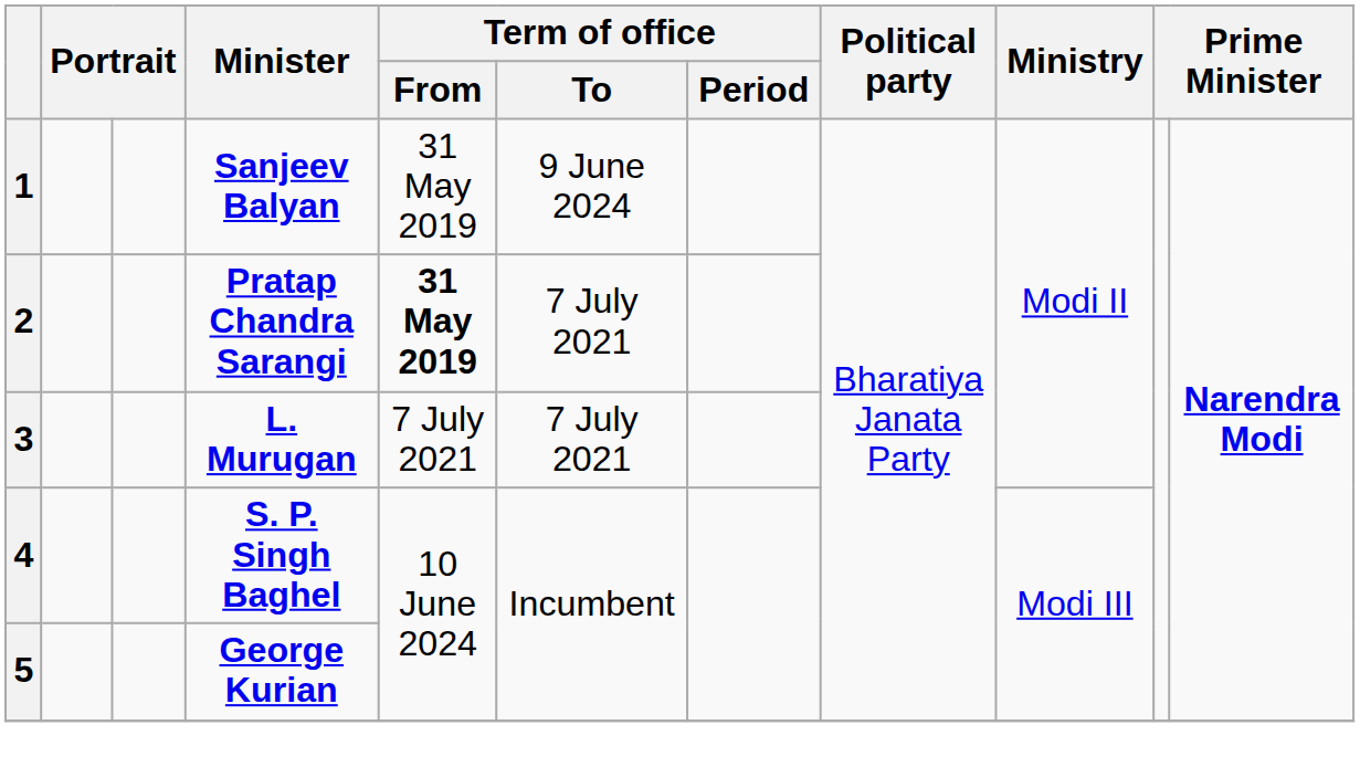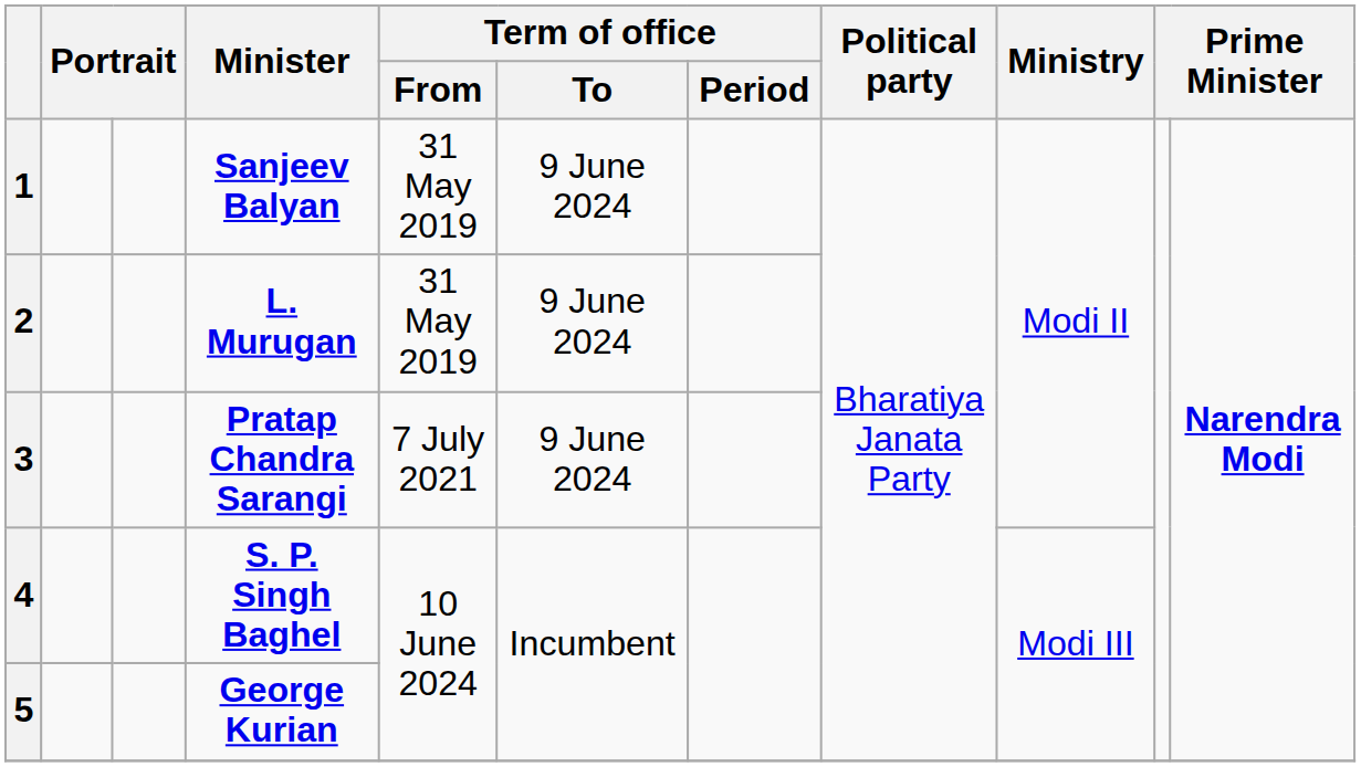 <table class="wikitable" style="text-align:center">
 <tr>
 <th rowspan="2"></th>
 <th rowspan="2" colspan="2">Portrait</th>
 <th rowspan="2" style="width:16em">Minister<br></th>
 <th colspan="3">Term of office</th>
 <th rowspan="2" style="width:8em">Political party</th>
 <th rowspan="2" style="width:6em">Ministry</th>
 <th rowspan="2" colspan="2">Prime Minister</th>
 </tr>
 <tr>
 <th style="width:8em">From</th>
 <th style="width:8em">To</th>
 <th style="width:6em">Period</th>
 </tr>
 <tr>
 <th>1</th>
 <td></td>
 <td></td>
 <td><strong><a href='#'>Sanjeev Balyan</a></strong><br></td>
 <td>31 May<br>2019</td>
 <td>9 June<br>2024</td>
 <td><strong></strong></td>
 <td rowspan="5"><a href='#'>Bharatiya Janata Party</a></td>
 <td rowspan="3"><a href='#'>Modi II</a></td>
 <td rowspan="5"></td>
 <td rowspan="5" style="width:9em"><strong><a href='#'>Narendra Modi</a></strong></td>
 </tr>
 <tr>
 <th>2</th>
 <td></td>
 <td></td>
-<td><strong><a href='#'>Pratap Chandra Sarangi</a></strong><br></td>
-<td><strong>31 May<br>2019</strong></td>
-<td>7 July<br>2021</td>
+<td><strong><a href='#'>L. Murugan</a></strong><br></td>
+<td>31 May<br>2019</td>
+<td>9 June<br>2024</td>
 <td><strong></strong></td>
 </tr>
 <tr>
 <th>3</th>
 <td></td>
 <td></td>
-<td><strong><a href='#'>L. Murugan</a></strong><br></td>
+<td><strong><a href='#'>Pratap Chandra Sarangi</a></strong><br></td>
 <td>7 July<br>2021</td>
-<td>7 July<br>2021</td>
+<td>9 June<br>2024</td>
 <td><strong></strong></td>
 </tr>
 <tr>
 <th>4</th>
 <td></td>
 <td></td>
 <td><strong><a href='#'>S. P. Singh Baghel</a></strong><br></td>
 <td rowspan="2">10 June<br>2024</td>
 <td rowspan="2">Incumbent</td>
 <td rowspan="2"><strong></strong></td>
 <td rowspan="2"><a href='#'>Modi III</a></td>
 </tr>
 <tr>
 <th>5</th>
 <td></td>
 <td></td>
 <td><strong><a href='#'>George Kurian</a></strong><br></td>
 </tr>
 <tr>
 </tr>
 </table>
